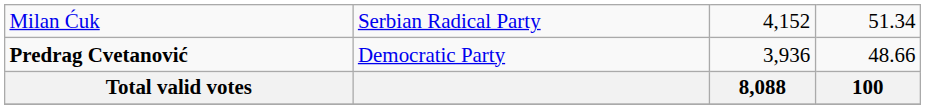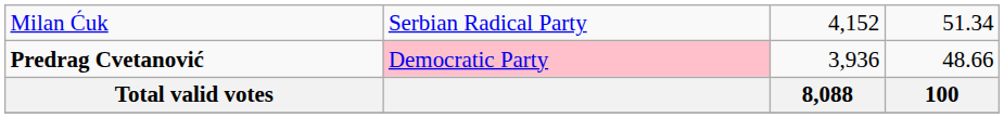 <table style="width:700px;" class="wikitable">
 <tr>
 <td align="left"><a href='#'>Milan Ćuk</a></td>
 <td align="left"><a href='#'>Serbian Radical Party</a></td>
 <td align="right">4,152</td>
 <td align="right">51.34</td>
 </tr>
 <tr>
 <td align="left"><strong>Predrag Cvetanović</strong></td>
-<td align="left"><a href='#'>Democratic Party</a></td>
+<td align="left" style="background: pink;"><a href='#'>Democratic Party</a></td>
 <td align="right">3,936</td>
 <td align="right">48.66</td>
 </tr>
 <tr>
 <th align="left">Total valid votes</th>
 <th align="left"></th>
 <th align="right">8,088</th>
 <th align="right">100</th>
 </tr>
 <tr>
 </tr>
 </table>
